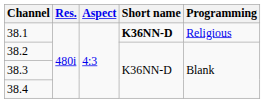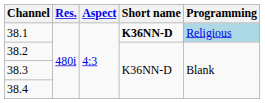 <table class="wikitable">
 <tr>
 <th scope = "col">Channel</th>
 <th scope = "col"><a href='#'>Res.</a></th>
 <th scope = "col"><a href='#'>Aspect</a></th>
 <th scope = "col">Short name</th>
 <th scope = "col">Programming</th>
 </tr>
 <tr>
 <td>38.1</td>
 <td rowspan=4><a href='#'>480i</a></td>
 <td rowspan=4><a href='#'>4:3</a></td>
 <td><strong>K36NN-D</strong></td>
-<td><a href='#'>Religious</a></td>
+<td style="background: lightblue;"><a href='#'>Religious</a></td>
 </tr>
 <tr>
 <td>38.2</td>
 <td rowspan=3>K36NN-D</td>
 <td rowspan=3>Blank</td>
 </tr>
 <tr>
 <td>38.3</td>
 </tr>
 <tr>
 <td>38.4</td>
 </tr>
 </table>
